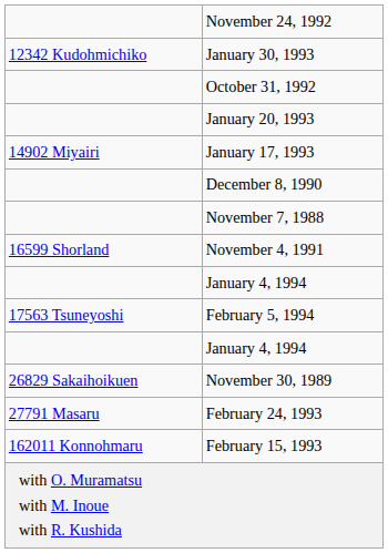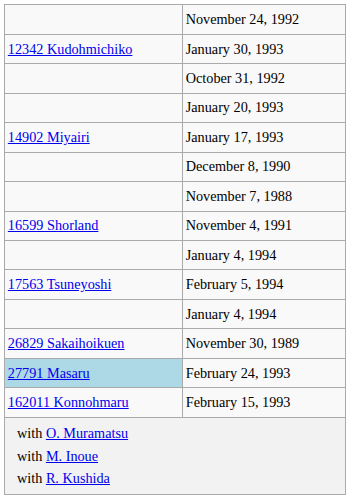 <table class="wikitable" style="font-size: 89%; float: left; width: 24em; margin-right: 1em; line-height: 1.6em !important;">
 <tr>
 <td></td>
 <td>November 24, 1992</td>
 </tr>
 <tr>
 <td><a href='#'>12342 Kudohmichiko</a></td>
 <td>January 30, 1993</td>
 </tr>
 <tr>
 <td></td>
 <td>October 31, 1992</td>
 </tr>
 <tr>
 <td></td>
 <td>January 20, 1993</td>
 </tr>
 <tr>
 <td><a href='#'>14902 Miyairi</a></td>
 <td>January 17, 1993</td>
 </tr>
 <tr>
 <td></td>
 <td>December 8, 1990</td>
 </tr>
 <tr>
 <td></td>
 <td>November 7, 1988</td>
 </tr>
 <tr>
 <td><a href='#'>16599 Shorland</a></td>
 <td>November 4, 1991</td>
 </tr>
 <tr>
 <td></td>
 <td>January 4, 1994</td>
 </tr>
 <tr>
 <td><a href='#'>17563 Tsuneyoshi</a></td>
 <td>February 5, 1994</td>
 </tr>
 <tr>
 <td></td>
 <td>January 4, 1994</td>
 </tr>
 <tr>
 <td><a href='#'>26829 Sakaihoikuen</a></td>
 <td>November 30, 1989</td>
 </tr>
 <tr>
-<td><a href='#'>27791 Masaru</a></td>
+<td style="background: lightblue;"><a href='#'>27791 Masaru</a></td>
 <td>February 24, 1993</td>
 </tr>
 <tr>
 <td><a href='#'>162011 Konnohmaru</a></td>
 <td>February 15, 1993</td>
 </tr>
 <tr>
 <th colspan=2 style="font-weight: normal; text-align: left; padding: 4px 12px;"> with <a href='#'>O. Muramatsu</a><br> with <a href='#'>M. Inoue</a><br> with <a href='#'>R. Kushida</a></th>
 </tr>
 </table>
